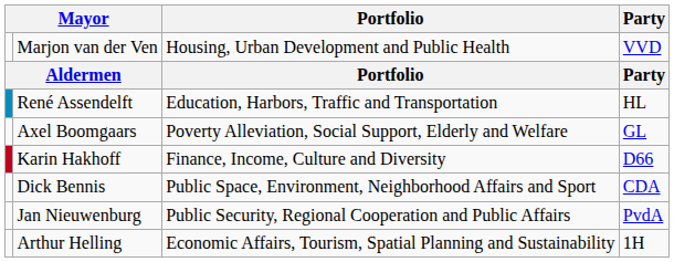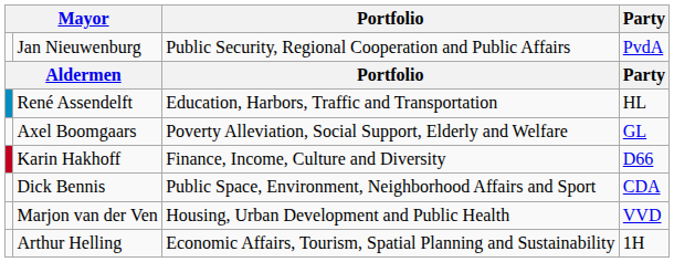 <table class="wikitable" style="text-align:left">
 <tr>
 <th colspan="2"><a href='#'>Mayor</a></th>
 <th>Portfolio</th>
 <th>Party</th>
 </tr>
 <tr>
 <td style="color:inherit;background:"></td>
-<td>Marjon van der Ven</td>
-<td>Housing, Urban Development and Public Health</td>
-<td><a href='#'>VVD</a></td>
+<td>Jan Nieuwenburg</td>
+<td>Public Security, Regional Cooperation and Public Affairs</td>
+<td><a href='#'>PvdA</a></td>
 </tr>
 <tr>
 <th colspan="2"><a href='#'>Aldermen</a></th>
 <th>Portfolio</th>
 <th>Party</th>
 </tr>
 <tr>
 <td style="color:inherit;background:#008EBE"></td>
 <td>René Assendelft</td>
 <td>Education, Harbors, Traffic and Transportation</td>
 <td>HL</td>
 </tr>
 <tr>
 <td style="color:inherit;background:"></td>
 <td>Axel Boomgaars</td>
 <td>Poverty Alleviation, Social Support, Elderly and Welfare</td>
 <td><a href='#'>GL</a></td>
 </tr>
 <tr>
 <td style="color:inherit;background:#C1001F"></td>
 <td>Karin Hakhoff</td>
 <td>Finance, Income, Culture and Diversity</td>
 <td><a href='#'>D66</a></td>
 </tr>
 <tr>
 <td style="color:inherit;background:"></td>
 <td>Dick Bennis</td>
 <td>Public Space, Environment, Neighborhood Affairs and Sport</td>
 <td><a href='#'>CDA</a></td>
 </tr>
 <tr>
 <td style="color:inherit;background:"></td>
-<td>Jan Nieuwenburg</td>
-<td>Public Security, Regional Cooperation and Public Affairs</td>
-<td><a href='#'>PvdA</a></td>
+<td>Marjon van der Ven</td>
+<td>Housing, Urban Development and Public Health</td>
+<td><a href='#'>VVD</a></td>
 </tr>
 <tr>
 <td style="color:inherit;background:"></td>
 <td>Arthur Helling</td>
 <td>Economic Affairs, Tourism, Spatial Planning and Sustainability</td>
 <td>1H</td>
 </tr>
 </table>
